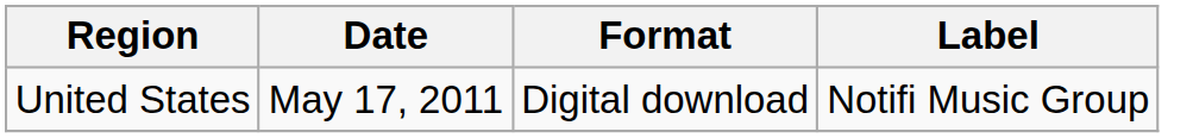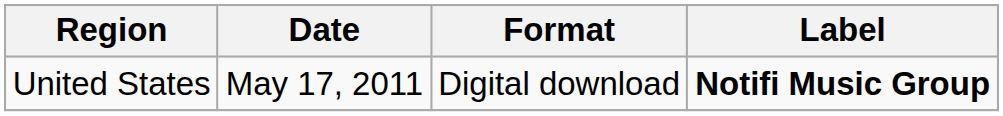 <table class="wikitable">
 <tr>
 <th>Region</th>
 <th>Date</th>
 <th>Format</th>
 <th>Label</th>
 </tr>
 <tr>
 <td>United States</td>
 <td>May 17, 2011</td>
 <td>Digital download</td>
-<td>Notifi Music Group</td>
+<td><strong>Notifi Music Group</strong></td>
 </tr>
 <tr>
 </tr>
 </table>
